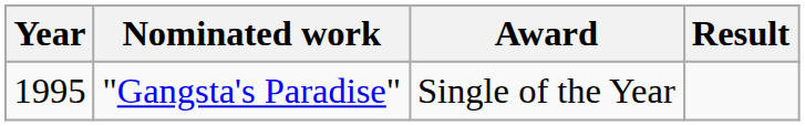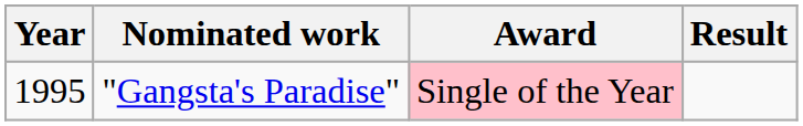 <table class="wikitable">
 <tr>
 <th>Year</th>
 <th>Nominated work</th>
 <th>Award</th>
 <th>Result</th>
 </tr>
 <tr>
 <td rowspan="4" align=center>1995</td>
 <td rowspan="2">"<a href='#'>Gangsta's Paradise</a>"</td>
-<td>Single of the Year</td>
+<td style="background: pink;">Single of the Year</td>
 <td></td>
 </tr>
 </table>
